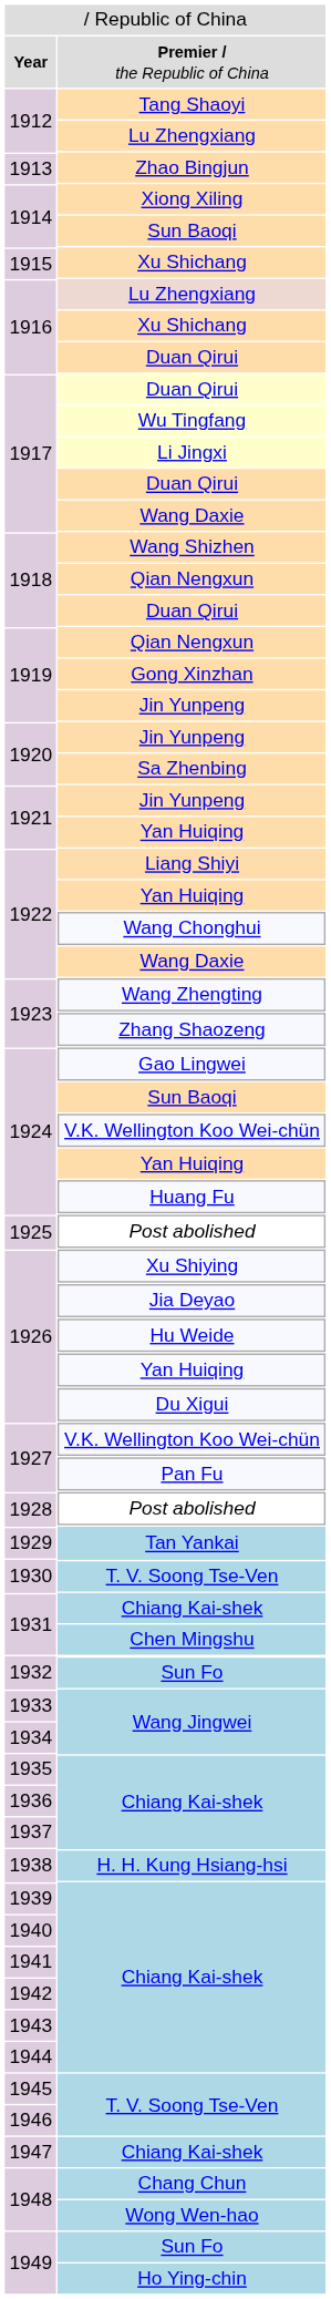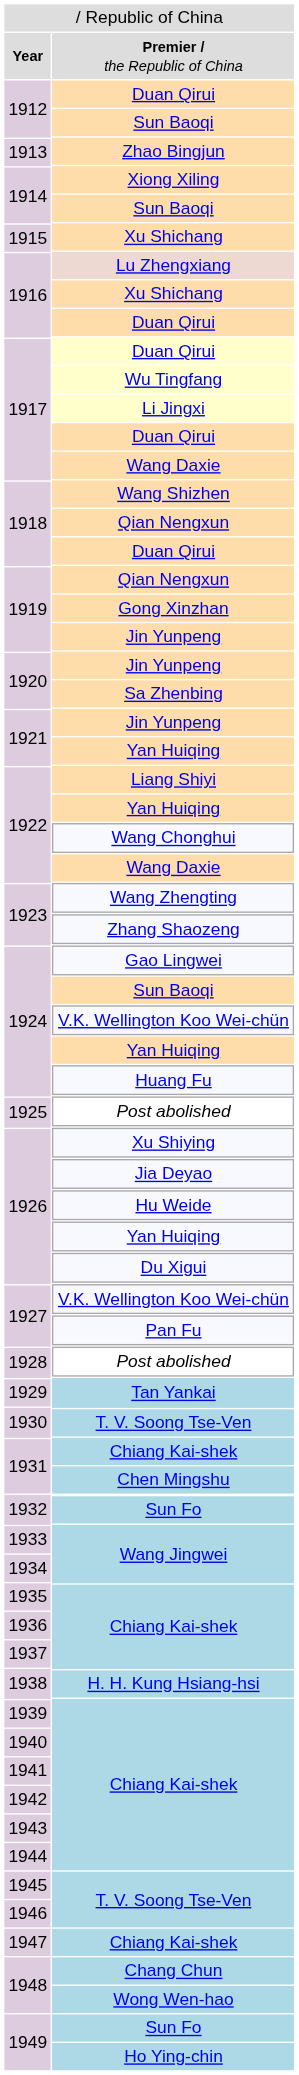 <table border=0 cellpadding=3 cellspacing=1 style="text-align: center; font-size: 80%; line-height: 14px;">
 <tr>
 <td bgcolor=#DDDDDD colspan=2>/ Republic of China</td>
 </tr>
 <tr>
 <td bgcolor=#DDDDDD><small><strong>Year</strong></small></td>
 <td bgcolor=#DDDDDD><small><strong>Premier /</strong></small><br><small><em>the Republic of China</em></small><br></td>
 </tr>
 <tr>
 <td bgcolor=#DDCCDD rowspan=3>1912</td>
-<td bgcolor=#FFDDAA><a href='#'>Tang Shaoyi</a></td>
+<td bgcolor=#FFDDAA><a href='#'>Duan Qirui</a></td>
 </tr>
 <tr>
-<td bgcolor=#FFDDAA><a href='#'>Lu Zhengxiang</a></td>
+<td bgcolor=#FFDDAA><a href='#'>Sun Baoqi</a></td>
 </tr>
 <tr>
 <td bgcolor=#FFDDAA rowspan=2><a href='#'>Zhao Bingjun</a></td>
 </tr>
 <tr>
 <td bgcolor=#DDCCDD rowspan=2>1913</td>
 </tr>
 <tr>
 <td bgcolor=#FFDDAA rowspan=2><a href='#'>Xiong Xiling</a></td>
 </tr>
 <tr>
 <td bgcolor=#DDCCDD rowspan=3>1914</td>
 </tr>
 <tr>
 <td bgcolor=#FFDDAA><a href='#'>Sun Baoqi</a></td>
 </tr>
 <tr>
 <td bgcolor=#FFDDAA rowspan=2><a href='#'>Xu Shichang</a></td>
 </tr>
 <tr>
 <td bgcolor=#DDCCDD rowspan=2>1915</td>
 </tr>
 <tr>
 <td bgcolor=#EED8D2 rowspan=2><a href='#'>Lu Zhengxiang</a> </td>
 </tr>
 <tr>
 <td bgcolor=#DDCCDD rowspan=4>1916</td>
 </tr>
 <tr>
 <td bgcolor=#FFDDAA><a href='#'>Xu Shichang</a></td>
 </tr>
 <tr>
 <td bgcolor=#FFDDAA><a href='#'>Duan Qirui</a></td>
 </tr>
 <tr>
 <td bgcolor=#FFFFCC rowspan=2><a href='#'>Duan Qirui</a></td>
 </tr>
 <tr>
 <td bgcolor=#DDCCDD rowspan=6>1917</td>
 </tr>
 <tr>
 <td bgcolor=#FFFFCC><a href='#'>Wu Tingfang</a> </td>
 </tr>
 <tr>
 <td bgcolor=#FFFFCC><a href='#'>Li Jingxi</a></td>
 </tr>
 <tr>
 <td bgcolor=#FFDDAA><a href='#'>Duan Qirui</a></td>
 </tr>
 <tr>
 <td bgcolor=#FFDDAA><a href='#'>Wang Daxie</a> </td>
 </tr>
 <tr>
 <td bgcolor=#FFDDAA rowspan=2><a href='#'>Wang Shizhen</a> </td>
 </tr>
 <tr>
 <td bgcolor=#DDCCDD rowspan=4>1918</td>
 </tr>
 <tr>
 <td bgcolor=#FFDDAA><a href='#'>Qian Nengxun</a> </td>
 </tr>
 <tr>
 <td bgcolor=#FFDDAA><a href='#'>Duan Qirui</a></td>
 </tr>
 <tr>
 <td bgcolor=#FFDDAA rowspan=2><a href='#'>Qian Nengxun</a> </td>
 </tr>
 <tr>
 <td bgcolor=#DDCCDD rowspan=4>1919</td>
 </tr>
 <tr>
 <td bgcolor=#FFDDAA><a href='#'>Gong Xinzhan</a> </td>
 </tr>
 <tr>
 <td bgcolor=#FFDDAA><a href='#'>Jin Yunpeng</a> </td>
 </tr>
 <tr>
 <td bgcolor=#FFDDAA rowspan=2><a href='#'>Jin Yunpeng</a></td>
 </tr>
 <tr>
 <td bgcolor=#DDCCDD rowspan=3>1920</td>
 </tr>
 <tr>
 <td bgcolor=#FFDDAA><a href='#'>Sa Zhenbing</a></td>
 </tr>
 <tr>
 <td bgcolor=#FFDDAA rowspan=2><a href='#'>Jin Yunpeng</a></td>
 </tr>
 <tr>
 <td bgcolor=#DDCCDD rowspan=3>1921</td>
 </tr>
 <tr>
 <td bgcolor=#FFDDAA><a href='#'>Yan Huiqing</a> </td>
 </tr>
 <tr>
 <td bgcolor=#FFDDAA rowspan=2><a href='#'>Liang Shiyi</a></td>
 </tr>
 <tr>
 <td bgcolor=#DDCCDD rowspan=5>1922</td>
 </tr>
 <tr>
 <td bgcolor=#FFDDAA><a href='#'>Yan Huiqing</a> </td>
 </tr>
 <tr>
 <td bgcolor=#F8F8FF style="border: 1px solid darkgray;"><a href='#'>Wang Chonghui</a> </td>
 </tr>
 <tr>
 <td bgcolor=#FFDDAA><a href='#'>Wang Daxie</a> </td>
 </tr>
 <tr>
 <td bgcolor=#F8F8FF style="border: 1px solid darkgray;" rowspan=2><a href='#'>Wang Zhengting</a> </td>
 </tr>
 <tr>
 <td bgcolor=#DDCCDD rowspan=3>1923</td>
 </tr>
 <tr>
 <td bgcolor=#F8F8FF style="border: 1px solid darkgray;"><a href='#'>Zhang Shaozeng</a></td>
 </tr>
 <tr>
 <td bgcolor=#F8F8FF style="border: 1px solid darkgray;" rowspan=2><a href='#'>Gao Lingwei</a></td>
 </tr>
 <tr>
 <td bgcolor=#DDCCDD rowspan=6>1924</td>
 </tr>
 <tr>
 <td bgcolor=FFDDAA><a href='#'>Sun Baoqi</a></td>
 </tr>
 <tr>
 <td bgcolor=#F8F8FF style="border: 1px solid darkgray;"><a href='#'>V.K. Wellington Koo Wei-chün</a> </td>
 </tr>
 <tr>
 <td bgcolor=FFDDAA><a href='#'>Yan Huiqing</a></td>
 </tr>
 <tr>
 <td bgcolor=#F8F8FF style="border: 1px solid darkgray;"><a href='#'>Huang Fu</a></td>
 </tr>
 <tr>
 <td bgcolor=#FFFFFF style="border: 1px solid darkgray;" rowspan=2><em>Post abolished</em></td>
 </tr>
 <tr>
 <td bgcolor=#DDCCDD rowspan=2>1925</td>
 </tr>
 <tr>
 <td bgcolor=#F8F8FF style="border: 1px solid darkgray;" rowspan=2><a href='#'>Xu Shiying</a></td>
 </tr>
 <tr>
 <td bgcolor=#DDCCDD rowspan=6>1926</td>
 </tr>
 <tr>
 <td bgcolor=#F8F8FF style="border: 1px solid darkgray;"><a href='#'>Jia Deyao</a> </td>
 </tr>
 <tr>
 <td bgcolor=#F8F8FF style="border: 1px solid darkgray;"><a href='#'>Hu Weide</a> </td>
 </tr>
 <tr>
 <td bgcolor=#F8F8FF style="border: 1px solid darkgray;"><a href='#'>Yan Huiqing</a></td>
 </tr>
 <tr>
 <td bgcolor=#F8F8FF style="border: 1px solid darkgray;"><a href='#'>Du Xigui</a> </td>
 </tr>
 <tr>
 <td bgcolor=#F8F8FF style="border: 1px solid darkgray;" rowspan=2><a href='#'>V.K. Wellington Koo Wei-chün</a> </td>
 </tr>
 <tr>
 <td bgcolor=#DDCCDD rowspan=3>1927</td>
 </tr>
 <tr>
 <td bgcolor=#F8F8FF style="border: 1px solid darkgray;"><a href='#'>Pan Fu</a> </td>
 </tr>
 <tr>
 <td bgcolor=#FFFFFF style="border: 1px solid darkgray;" rowspan=2><em>Post abolished</em></td>
 </tr>
 <tr>
 <td bgcolor=#DDCCDD rowspan=2>1928</td>
 </tr>
 <tr>
 <td bgcolor=#ADD8E6 rowspan=3><a href='#'>Tan Yankai</a></td>
 </tr>
 <tr>
 <td bgcolor=#DDCCDD>1929</td>
 </tr>
 <tr>
 <td bgcolor=#DDCCDD rowspan=3>1930</td>
 </tr>
 <tr>
 <td bgcolor=#ADD8E6><a href='#'>T. V. Soong Tse-Ven</a></td>
 </tr>
 <tr>
 <td bgcolor=#ADD8E6 rowspan=2><a href='#'>Chiang Kai-shek</a></td>
 </tr>
 <tr>
 <td bgcolor=#DDCCDD rowspan=2>1931</td>
 </tr>
 <tr>
 <td bgcolor=#ADD8E6><a href='#'>Chen Mingshu</a></td>
 </tr>
 <tr>
 <td bgcolor=#DDCCDD rowspan=3>1932</td>
 </tr>
 <tr>
 <td bgcolor=#ADD8E6><a href='#'>Sun Fo</a></td>
 </tr>
 <tr>
 <td bgcolor=#ADD8E6 rowspan=4><a href='#'>Wang Jingwei</a></td>
 </tr>
 <tr>
 <td bgcolor=#DDCCDD>1933</td>
 </tr>
 <tr>
 <td bgcolor=#DDCCDD>1934</td>
 </tr>
 <tr>
 <td bgcolor=#DDCCDD rowspan=2>1935</td>
 </tr>
 <tr>
 <td bgcolor=#ADD8E6 rowspan=4><a href='#'>Chiang Kai-shek</a></td>
 </tr>
 <tr>
 <td bgcolor=#DDCCDD>1936</td>
 </tr>
 <tr>
 <td bgcolor=#DDCCDD>1937</td>
 </tr>
 <tr>
 <td bgcolor=#DDCCDD rowspan=3>1938</td>
 </tr>
 <tr>
 <td bgcolor=#ADD8E6><a href='#'>H. H. Kung Hsiang-hsi</a></td>
 </tr>
 <tr>
 <td bgcolor=#ADD8E6 rowspan=7><a href='#'>Chiang Kai-shek</a></td>
 </tr>
 <tr>
 <td bgcolor=#DDCCDD>1939</td>
 </tr>
 <tr>
 <td bgcolor=#DDCCDD>1940</td>
 </tr>
 <tr>
 <td bgcolor=#DDCCDD>1941</td>
 </tr>
 <tr>
 <td bgcolor=#DDCCDD>1942</td>
 </tr>
 <tr>
 <td bgcolor=#DDCCDD>1943</td>
 </tr>
 <tr>
 <td bgcolor=#DDCCDD>1944</td>
 </tr>
 <tr>
 <td bgcolor=#DDCCDD>1945</td>
 <td bgcolor=#ADD8E6 rowspan=2><a href='#'>T. V. Soong Tse-Ven</a></td>
 </tr>
 <tr>
 <td bgcolor=#DDCCDD>1946</td>
 </tr>
 <tr>
 <td bgcolor=#DDCCDD>1947</td>
 <td bgcolor=#ADD8E6><a href='#'>Chiang Kai-shek</a></td>
 </tr>
 <tr>
 <td bgcolor=#DDCCDD rowspan=2>1948</td>
 <td bgcolor=#ADD8E6><a href='#'>Chang Chun</a></td>
 </tr>
 <tr>
 <td bgcolor=#ADD8E6><a href='#'>Wong Wen-hao</a></td>
 </tr>
 <tr>
 <td bgcolor=#DDCCDD rowspan=2>1949</td>
 <td bgcolor=#ADD8E6><a href='#'>Sun Fo</a></td>
 </tr>
 <tr>
 <td bgcolor=#ADD8E6><a href='#'>Ho Ying-chin</a></td>
 </tr>
 </table>
